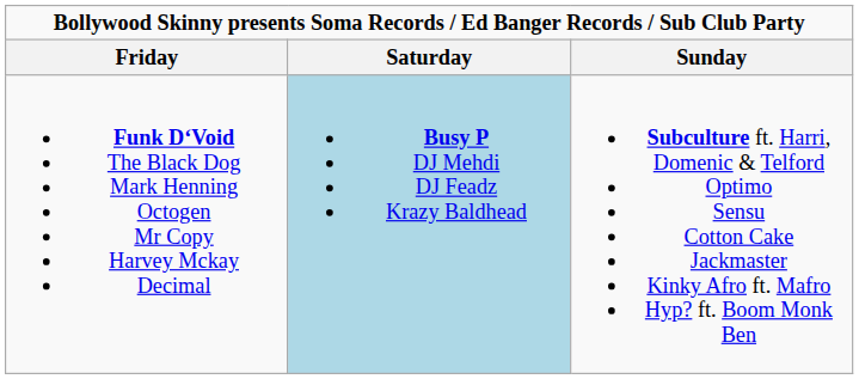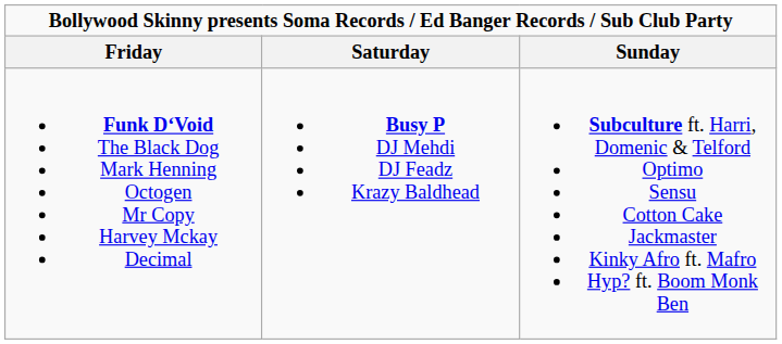 <table class="wikitable">
 <tr>
 <td colspan="3" align="center"><strong>Bollywood Skinny presents Soma Records / Ed Banger Records / Sub Club Party</strong></td>
 </tr>
 <tr>
 <th>Friday</th>
 <th>Saturday</th>
 <th>Sunday</th>
 </tr>
 <tr>
 <td valign="top" align="center" width=200><br><ul><li><strong><a href='#'>Funk D‘Void</a></strong></li><li><a href='#'>The Black Dog</a></li><li><a href='#'>Mark Henning</a></li><li><a href='#'>Octogen</a></li><li><a href='#'>Mr Copy</a></li><li><a href='#'>Harvey Mckay</a></li><li><a href='#'>Decimal</a></li></ul></td>
-<td valign="top" align="center" width=200 style="background: lightblue;"><br><ul><li><strong><a href='#'>Busy P</a></strong></li><li><a href='#'>DJ Mehdi</a></li><li><a href='#'>DJ Feadz</a></li><li><a href='#'>Krazy Baldhead</a></li></ul></td>
+<td valign="top" align="center" width=200><br><ul><li><strong><a href='#'>Busy P</a></strong></li><li><a href='#'>DJ Mehdi</a></li><li><a href='#'>DJ Feadz</a></li><li><a href='#'>Krazy Baldhead</a></li></ul></td>
 <td valign="top" align="center" width=200><br><ul><li><strong><a href='#'>Subculture</a></strong> ft. <a href='#'>Harri</a>, <a href='#'>Domenic</a> & <a href='#'>Telford</a></li><li><a href='#'>Optimo</a></li><li><a href='#'>Sensu</a></li><li><a href='#'>Cotton Cake</a></li><li><a href='#'>Jackmaster</a></li><li><a href='#'>Kinky Afro</a> ft. <a href='#'>Mafro</a></li><li><a href='#'>Hyp?</a> ft. <a href='#'>Boom Monk Ben</a></li></ul></td>
 </tr>
 </table>
